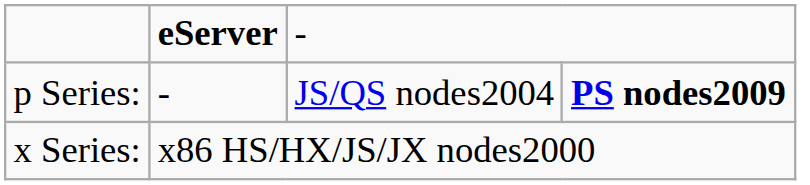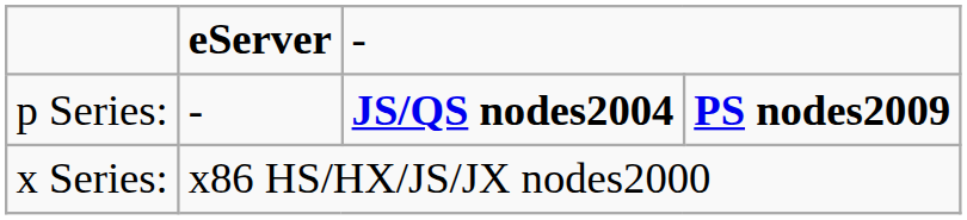 <table class="wikitable" style="text-align: ">
 <tr>
 <td></td>
 <td><strong>eServer</strong></td>
 <td colspan=2>-</td>
 </tr>
 <tr>
 <td>p Series:</td>
 <td>-</td>
-<td><a href='#'>JS/QS</a> nodes2004</td>
+<td><strong><a href='#'>JS/QS</a> nodes2004</strong></td>
 <td><strong><a href='#'>PS</a> nodes2009</strong></td>
 </tr>
 <tr>
 <td>x Series:</td>
 <td colspan=3>x86 HS/HX/JS/JX nodes2000</td>
 </tr>
 </table>
